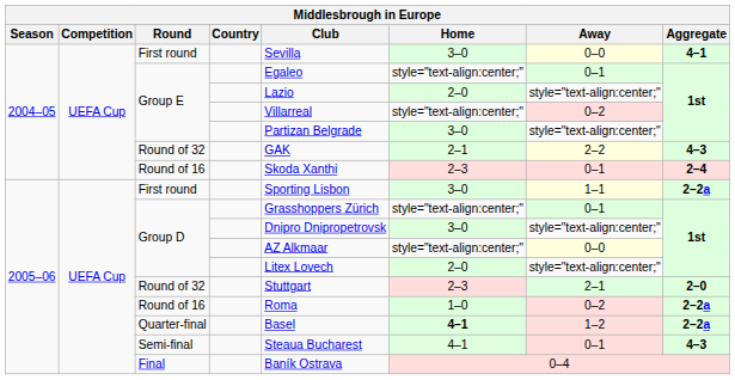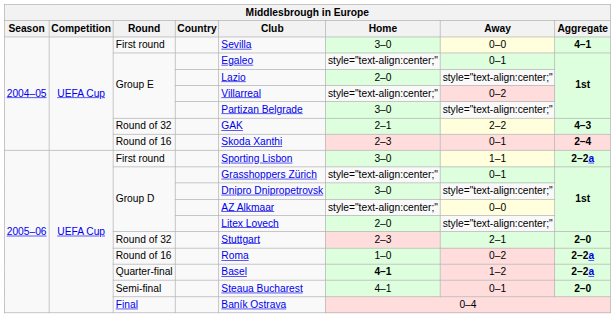 <table class="wikitable">
 <tr>
 <th colspan="9"><strong>Middlesbrough in Europe</strong></th>
 </tr>
 <tr>
 <th>Season</th>
 <th>Competition</th>
 <th>Round</th>
 <th>Country</th>
 <th>Club</th>
 <th>Home</th>
 <th>Away</th>
 <th>Aggregate</th>
 </tr>
 <tr>
 <td rowspan=7; style="text-align:center;"><a href='#'>2004–05</a></td>
 <td rowspan=7; style="text-align:center;"><a href='#'>UEFA Cup</a></td>
 <td>First round</td>
 <td style="text-align:center;"></td>
 <td><a href='#'>Sevilla</a></td>
 <td style="text-align:center; background:#dfd;">3–0</td>
 <td style="text-align:center; background:#ffd;">0–0</td>
 <td style="text-align:center; background:#dfd;"><strong>4–1</strong></td>
 </tr>
 <tr>
 <td rowspan=4>Group E</td>
 <td style="text-align:center;"></td>
 <td><a href='#'>Egaleo</a></td>
 <td>style="text-align:center;" </td>
 <td style="text-align:center; background:#dfd;">0–1</td>
 <td rowspan=4; style="text-align:center; background:#dfd;"><strong>1st</strong></td>
 </tr>
 <tr>
 <td style="text-align:center;"></td>
 <td><a href='#'>Lazio</a></td>
 <td style="text-align:center; background:#dfd;">2–0</td>
 <td>style="text-align:center;" </td>
 </tr>
 <tr>
 <td style="text-align:center;"></td>
 <td><a href='#'>Villarreal</a></td>
 <td>style="text-align:center;" </td>
 <td style="text-align:center; background:#fdd;">0–2</td>
 </tr>
 <tr>
 <td style="text-align:center;"></td>
 <td><a href='#'>Partizan Belgrade</a></td>
 <td style="text-align:center; background:#dfd;">3–0</td>
 <td>style="text-align:center;" </td>
 </tr>
 <tr>
 <td>Round of 32</td>
 <td style="text-align:center;"></td>
 <td><a href='#'>GAK</a></td>
 <td style="text-align:center; background:#dfd;">2–1</td>
 <td style="text-align:center; background:#ffd;">2–2</td>
 <td style="text-align:center; background:#dfd;"><strong>4–3</strong></td>
 </tr>
 <tr>
 <td>Round of 16</td>
 <td style="text-align:center;"></td>
 <td><a href='#'>Skoda Xanthi</a></td>
 <td style="text-align:center; background:#fdd;">2–3</td>
 <td style="text-align:center; background:#fdd;">0–1</td>
 <td style="text-align:center; background:#fdd;"><strong>2–4</strong></td>
 </tr>
 <tr>
 <td rowspan=10; style="text-align:center;"><a href='#'>2005–06</a></td>
 <td rowspan=10; style="text-align:center;"><a href='#'>UEFA Cup</a></td>
 <td>First round</td>
 <td style="text-align:center;"></td>
 <td><a href='#'>Sporting Lisbon</a></td>
 <td style="text-align:center; background:#dfd;">3–0</td>
 <td style="text-align:center; background:#ffd;">1–1</td>
 <td style="text-align:center; background:#dfd;"><strong>2–2<a href='#'>a</a></strong></td>
 </tr>
 <tr>
 <td rowspan=4>Group D</td>
 <td style="text-align:center;"></td>
 <td><a href='#'>Grasshoppers Zürich</a></td>
 <td>style="text-align:center;" </td>
 <td style="text-align:center; background:#dfd;">0–1</td>
 <td rowspan=4; style="text-align:center; background:#dfd;"><strong>1st</strong></td>
 </tr>
 <tr>
 <td style="text-align:center;"></td>
 <td><a href='#'>Dnipro Dnipropetrovsk</a></td>
 <td style="text-align:center; background:#dfd;">3–0</td>
 <td>style="text-align:center;" </td>
 </tr>
 <tr>
 <td style="text-align:center;"></td>
 <td><a href='#'>AZ Alkmaar</a></td>
 <td>style="text-align:center;" </td>
 <td style="text-align:center; background:#ffd;">0–0</td>
 </tr>
 <tr>
 <td style="text-align:center;"></td>
 <td><a href='#'>Litex Lovech</a></td>
 <td style="text-align:center; background:#dfd;">2–0</td>
 <td>style="text-align:center;" </td>
 </tr>
 <tr>
 <td>Round of 32</td>
 <td style="text-align:center;"></td>
 <td><a href='#'>Stuttgart</a></td>
 <td style="text-align:center; background:#fdd;">2–3</td>
 <td style="text-align:center; background:#dfd;">2–1</td>
 <td style="text-align:center; background:#dfd;"><strong>2–0</strong></td>
 </tr>
 <tr>
 <td>Round of 16</td>
 <td style="text-align:center;"></td>
 <td><a href='#'>Roma</a></td>
 <td style="text-align:center; background:#dfd;">1–0</td>
 <td style="text-align:center; background:#fdd;">0–2</td>
 <td style="text-align:center; background:#dfd;"><strong>2–2<a href='#'>a</a></strong></td>
 </tr>
 <tr>
 <td>Quarter-final</td>
 <td style="text-align:center;"></td>
 <td><a href='#'>Basel</a></td>
 <td style="text-align:center; background:#dfd;"><strong>4–1</strong></td>
 <td style="text-align:center; background:#fdd;">1–2</td>
 <td style="text-align:center; background:#dfd;"><strong>2–2<a href='#'>a</a></strong></td>
 </tr>
 <tr>
 <td>Semi-final</td>
 <td style="text-align:center;"></td>
 <td><a href='#'>Steaua Bucharest</a></td>
 <td style="text-align:center; background:#dfd;">4–1</td>
 <td style="text-align:center; background:#fdd;">0–1</td>
-<td style="text-align:center; background:#dfd;"><strong>4–3</strong></td>
+<td style="text-align:center; background:#dfd;"><strong>2–0</strong></td>
 </tr>
 <tr>
 <td><a href='#'>Final</a></td>
 <td style="text-align:center;"></td>
 <td><a href='#'>Baník Ostrava</a></td>
 <td colspan="3" style="text-align:center; background:#fdd;">0–4</td>
 </tr>
 </table>
